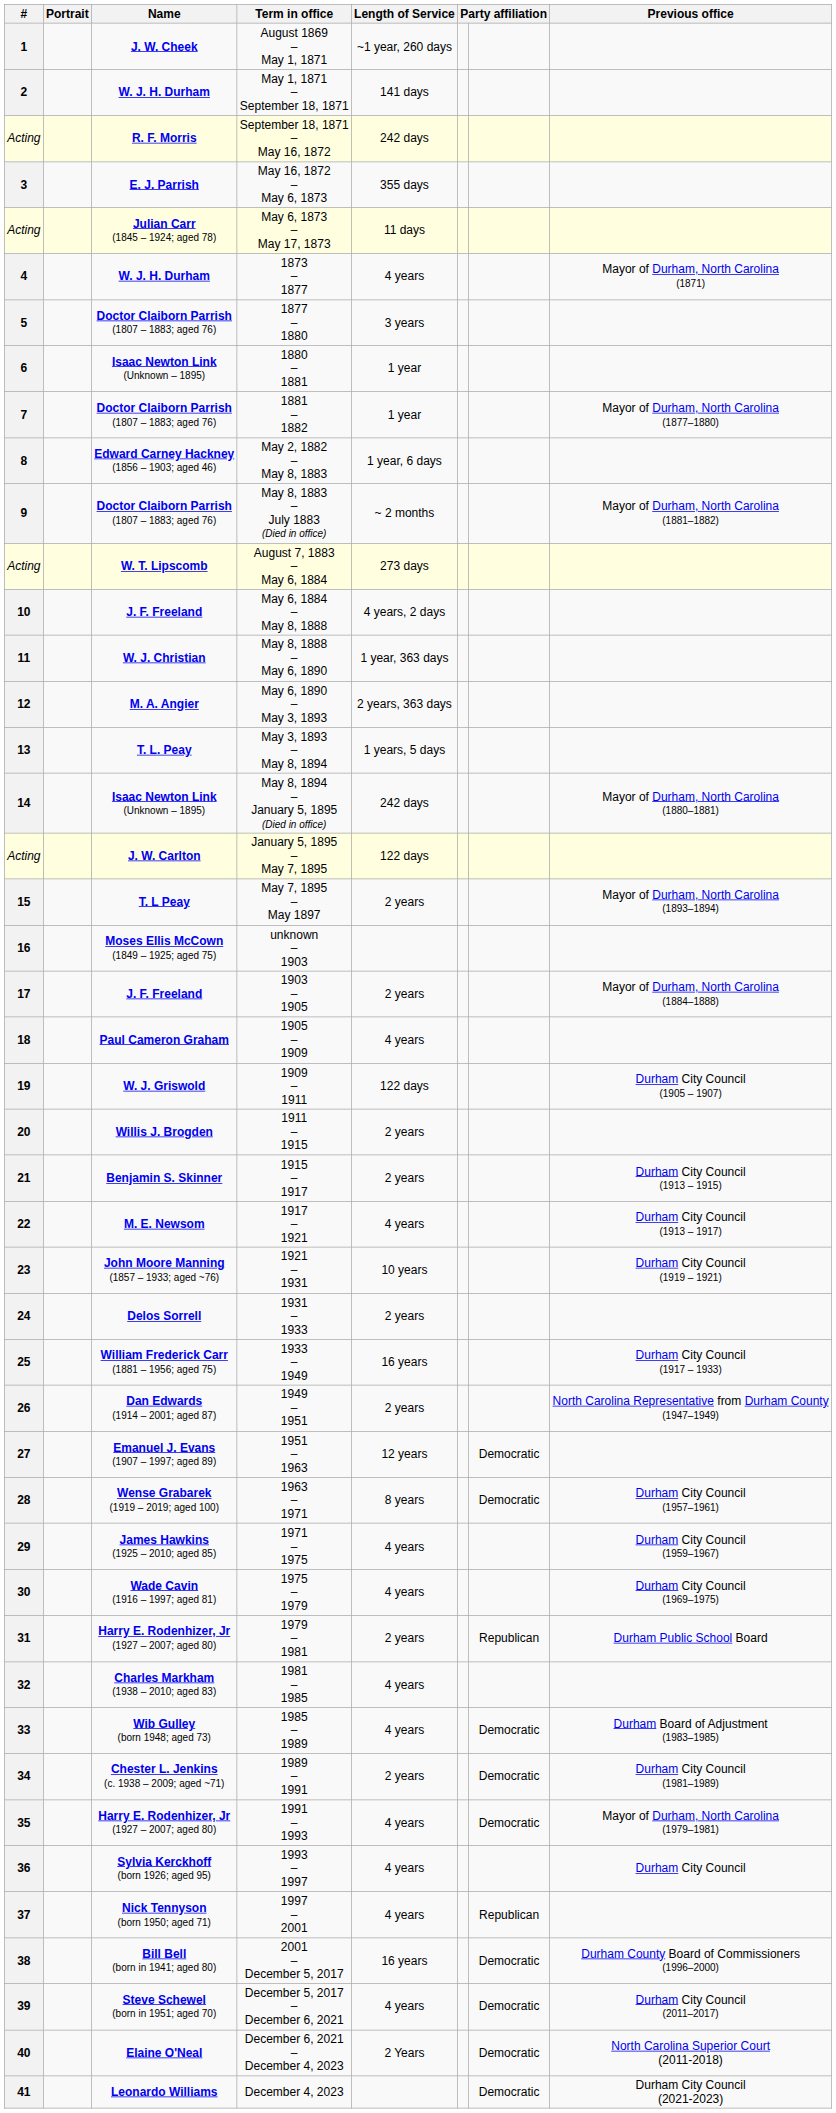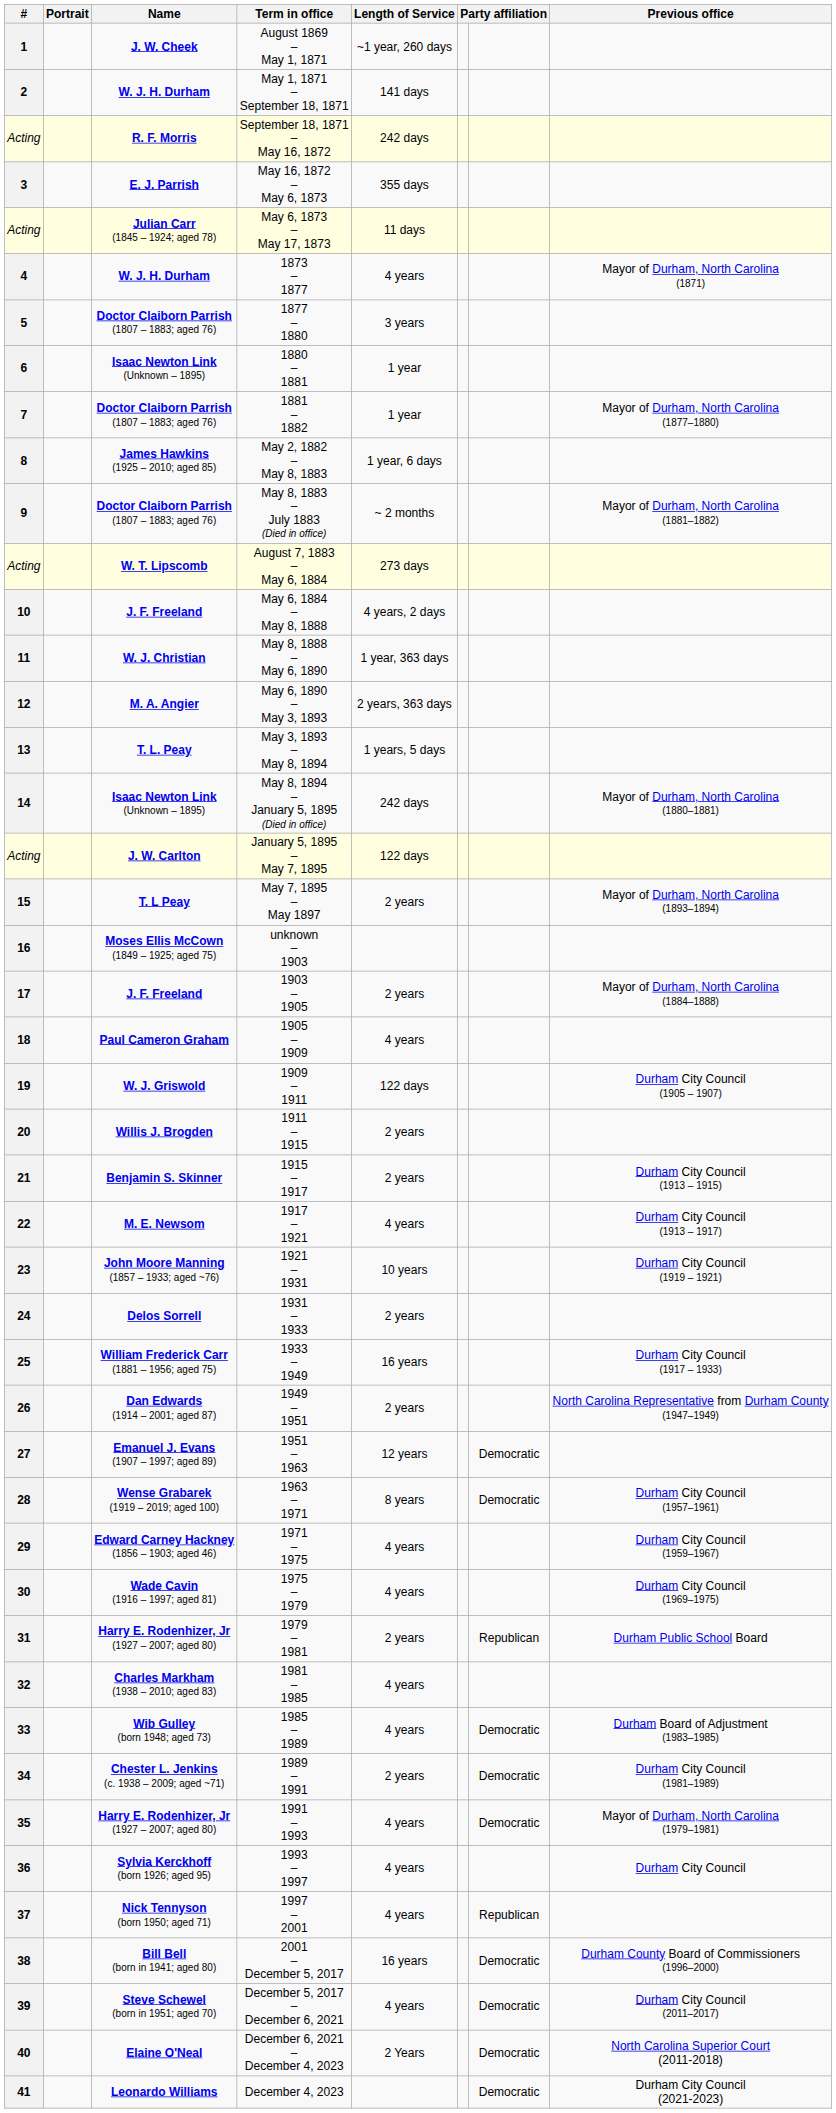 <table class="wikitable" style="text-align: center;">
 <tr>
 <th>#</th>
 <th>Portrait</th>
 <th>Name</th>
 <th>Term in office</th>
 <th>Length of Service</th>
 <th colspan="2">Party affiliation</th>
 <th>Previous office</th>
 </tr>
 <tr>
 <th>1</th>
 <td></td>
 <td><strong><a href='#'>J. W. Cheek</a></strong></td>
 <td><span>August 1869</span><br>–<br><span>May 1, 1871</span><br></td>
 <td>~1 year, 260 days</td>
 <td></td>
 <td></td>
 <td></td>
 </tr>
 <tr>
 <th>2</th>
 <td></td>
 <td><strong><a href='#'>W. J. H. Durham</a></strong></td>
 <td><span>May 1, 1871</span><br>–<br><span>September 18, 1871</span><br></td>
 <td>141 days</td>
 <td></td>
 <td></td>
 <td></td>
 </tr>
 <tr style="background:lightyellow">
 <td><em>Acting</em></td>
 <td></td>
 <td><strong><a href='#'>R. F. Morris</a></strong></td>
 <td><span>September 18, 1871</span><br>–<br><span>May 16, 1872</span><br></td>
 <td>242 days</td>
 <td></td>
 <td></td>
 <td></td>
 </tr>
 <tr>
 <th>3</th>
 <td></td>
 <td><strong><a href='#'>E. J. Parrish</a></strong></td>
 <td><span>May 16, 1872</span><br>–<br><span>May 6, 1873</span><br></td>
 <td>355 days</td>
 <td></td>
 <td></td>
 <td></td>
 </tr>
 <tr style="background:lightyellow">
 <td><em>Acting</em></td>
 <td></td>
 <td><strong><a href='#'>Julian Carr</a></strong> <br><small>(1845 – 1924; aged 78)</small></td>
 <td><span>May 6, 1873</span><br>–<br><span>May 17, 1873</span><br></td>
 <td>11 days</td>
 <td></td>
 <td></td>
 <td></td>
 </tr>
 <tr>
 <th>4</th>
 <td></td>
 <td><strong><a href='#'>W. J. H. Durham</a></strong></td>
 <td><span>1873</span><br>–<br><span>1877</span><br></td>
 <td>4 years</td>
 <td></td>
 <td></td>
 <td>Mayor of <a href='#'>Durham, North Carolina</a><br><small>(1871)</small></td>
 </tr>
 <tr>
 <th>5</th>
 <td></td>
 <td><strong><a href='#'>Doctor Claiborn Parrish</a></strong> <br><small>(1807 – 1883; aged 76)</small></td>
 <td><span>1877</span><br>–<br><span>1880</span><br></td>
 <td>3 years</td>
 <td></td>
 <td></td>
 <td></td>
 </tr>
 <tr>
 <th>6</th>
 <td></td>
 <td><strong><a href='#'>Isaac Newton Link</a></strong> <br><small>(Unknown – 1895)<br></small></td>
 <td><span>1880</span><br>–<br><span>1881</span><br></td>
 <td>1 year</td>
 <td></td>
 <td></td>
 <td></td>
 </tr>
 <tr>
 <th>7</th>
 <td></td>
 <td><strong><a href='#'>Doctor Claiborn Parrish</a></strong> <br><small>(1807 – 1883; aged 76)</small></td>
 <td><span>1881</span><br>–<br><span>1882</span><br></td>
 <td>1 year</td>
 <td></td>
 <td></td>
 <td>Mayor of <a href='#'>Durham, North Carolina</a><br><small>(1877–1880)</small></td>
 </tr>
 <tr>
 <th>8</th>
 <td></td>
-<td><strong><a href='#'>Edward Carney Hackney</a></strong> <br><small>(1856 – 1903; aged 46)</small></td>
+<td><strong><a href='#'>James Hawkins</a></strong><br><small>(1925 – 2010; aged 85)</small></td>
 <td><span>May 2, 1882</span><br>–<br><span>May 8, 1883</span><br></td>
 <td>1 year, 6 days</td>
 <td></td>
 <td></td>
 <td></td>
 </tr>
 <tr>
 <th>9</th>
 <td></td>
 <td><strong><a href='#'>Doctor Claiborn Parrish</a></strong> <br><small>(1807 – 1883; aged 76)<br></small></td>
 <td><span>May 8, 1883</span><br>–<br><span>July 1883</span><br><small><em>(Died in office)</em></small></td>
 <td>~ 2 months</td>
 <td></td>
 <td></td>
 <td>Mayor of <a href='#'>Durham, North Carolina</a><br><small>(1881–1882)</small></td>
 </tr>
 <tr style="background:lightyellow">
 <td><em>Acting</em></td>
 <td></td>
 <td><strong><a href='#'>W. T. Lipscomb</a></strong></td>
 <td><span>August 7, 1883</span><br>–<br><span>May 6, 1884</span><br></td>
 <td>273 days</td>
 <td></td>
 <td></td>
 <td></td>
 </tr>
 <tr>
 <th>10</th>
 <td></td>
 <td><strong><a href='#'>J. F. Freeland</a></strong></td>
 <td><span>May 6, 1884</span><br>–<br><span>May 8, 1888</span><br></td>
 <td>4 years, 2 days</td>
 <td></td>
 <td></td>
 <td></td>
 </tr>
 <tr>
 <th>11</th>
 <td></td>
 <td><strong><a href='#'>W. J. Christian</a></strong></td>
 <td><span>May 8, 1888</span><br>–<br><span>May 6, 1890</span><br></td>
 <td>1 year, 363 days</td>
 <td></td>
 <td></td>
 <td></td>
 </tr>
 <tr>
 <th>12</th>
 <td></td>
 <td><strong><a href='#'>M. A. Angier</a></strong></td>
 <td><span>May 6, 1890</span><br>–<br><span>May 3, 1893</span><br></td>
 <td>2 years, 363 days</td>
 <td></td>
 <td></td>
 <td></td>
 </tr>
 <tr>
 <th>13</th>
 <td></td>
 <td><strong><a href='#'>T. L. Peay</a></strong></td>
 <td><span>May 3, 1893</span><br>–<br><span>May 8, 1894</span><br></td>
 <td>1 years, 5 days</td>
 <td></td>
 <td></td>
 <td></td>
 </tr>
 <tr>
 <th>14</th>
 <td></td>
 <td><strong><a href='#'>Isaac Newton Link</a></strong> <br><small>(Unknown – 1895)<br></small></td>
 <td><span>May 8, 1894</span><br>–<br><span>January 5, 1895</span><br><small><em>(Died in office)</em></small></td>
 <td>242 days</td>
 <td></td>
 <td></td>
 <td>Mayor of <a href='#'>Durham, North Carolina</a><br><small>(1880–1881)</small></td>
 </tr>
 <tr style="background:lightyellow">
 <td><em>Acting</em></td>
 <td></td>
 <td><strong><a href='#'>J. W. Carlton</a></strong></td>
 <td><span>January 5, 1895</span><br>–<br><span>May 7, 1895</span><br></td>
 <td>122 days</td>
 <td></td>
 <td></td>
 <td></td>
 </tr>
 <tr>
 <th>15</th>
 <td></td>
 <td><strong><a href='#'>T. L Peay</a></strong></td>
 <td><span>May 7, 1895</span><br>–<br><span>May 1897</span><br></td>
 <td>2 years</td>
 <td></td>
 <td></td>
 <td>Mayor of <a href='#'>Durham, North Carolina</a><br><small>(1893–1894)</small></td>
 </tr>
 <tr>
 <th>16</th>
 <td></td>
 <td><strong><a href='#'>Moses Ellis McCown</a></strong><br><small>(1849 – 1925; aged 75)</small></td>
 <td><span>unknown</span><br>–<br><span>1903</span><br></td>
 <td></td>
 <td></td>
 <td></td>
 <td></td>
 </tr>
 <tr>
 <th>17</th>
 <td></td>
 <td><strong><a href='#'>J. F. Freeland</a></strong></td>
 <td><span>1903</span><br>–<br><span>1905</span><br></td>
 <td>2 years</td>
 <td></td>
 <td></td>
 <td>Mayor of <a href='#'>Durham, North Carolina</a><br><small>(1884–1888)</small></td>
 </tr>
 <tr>
 <th>18</th>
 <td></td>
 <td><strong><a href='#'>Paul Cameron Graham</a></strong></td>
 <td><span>1905</span><br>–<br><span>1909</span><br></td>
 <td>4 years</td>
 <td></td>
 <td></td>
 <td></td>
 </tr>
 <tr>
 <th>19</th>
 <td></td>
 <td><strong><a href='#'>W. J. Griswold</a></strong></td>
 <td><span>1909</span><br>–<br><span>1911</span><br></td>
 <td>122 days</td>
 <td></td>
 <td></td>
 <td><a href='#'>Durham</a> City Council <br><small>(1905 – 1907)</small></td>
 </tr>
 <tr>
 <th>20</th>
 <td></td>
 <td><strong><a href='#'>Willis J. Brogden</a></strong></td>
 <td><span>1911</span><br>–<br><span>1915</span><br></td>
 <td>2 years</td>
 <td></td>
 <td></td>
 <td></td>
 </tr>
 <tr>
 <th>21</th>
 <td></td>
 <td><strong><a href='#'>Benjamin S. Skinner</a></strong></td>
 <td><span>1915</span><br>–<br><span>1917</span><br></td>
 <td>2 years</td>
 <td></td>
 <td></td>
 <td><a href='#'>Durham</a> City Council <br><small>(1913 – 1915)</small></td>
 </tr>
 <tr>
 <th>22</th>
 <td></td>
 <td><strong><a href='#'>M. E. Newsom</a></strong></td>
 <td><span>1917</span><br>–<br><span>1921</span><br></td>
 <td>4 years</td>
 <td></td>
 <td></td>
 <td><a href='#'>Durham</a> City Council <br><small>(1913 – 1917)</small></td>
 </tr>
 <tr>
 <th>23</th>
 <td></td>
 <td><strong><a href='#'>John Moore Manning</a></strong> <br><small>(1857 – 1933; aged ~76)</small></td>
 <td><span>1921</span><br>–<br><span>1931</span><br></td>
 <td>10 years</td>
 <td></td>
 <td></td>
 <td><a href='#'>Durham</a> City Council <br><small>(1919 – 1921)</small></td>
 </tr>
 <tr>
 <th>24</th>
 <td></td>
 <td><strong><a href='#'>Delos Sorrell</a></strong></td>
 <td><span>1931</span><br>–<br><span>1933</span><br></td>
 <td>2 years</td>
 <td></td>
 <td></td>
 <td></td>
 </tr>
 <tr>
 <th>25</th>
 <td></td>
 <td><strong><a href='#'>William Frederick Carr</a></strong><br><small>(1881 – 1956; aged 75)</small></td>
 <td><span>1933</span><br>–<br><span>1949</span><br></td>
 <td>16 years</td>
 <td></td>
 <td></td>
 <td><a href='#'>Durham</a> City Council <br><small>(1917 – 1933)</small></td>
 </tr>
 <tr>
 <th>26</th>
 <td></td>
 <td><strong><a href='#'>Dan Edwards</a></strong><br><small>(1914 – 2001; aged 87)</small></td>
 <td><span>1949</span><br>–<br><span>1951</span><br></td>
 <td>2 years</td>
 <td></td>
 <td></td>
 <td><a href='#'>North Carolina Representative</a> from <a href='#'>Durham County</a> <br><small>(1947–1949)</small></td>
 </tr>
 <tr>
 <th>27</th>
 <td></td>
 <td><strong><a href='#'>Emanuel J. Evans</a></strong><br><small>(1907 – 1997; aged 89)</small></td>
 <td><span>1951</span><br>–<br><span>1963</span><br></td>
 <td>12 years</td>
 <td style="background:"> </td>
 <td>Democratic</td>
 <td></td>
 </tr>
 <tr>
 <th>28</th>
 <td></td>
 <td><strong><a href='#'>Wense Grabarek</a></strong><br><small>(1919 – 2019; aged 100)</small></td>
 <td><span>1963</span><br>–<br><span>1971</span><br></td>
 <td>8 years</td>
 <td style="background:"> </td>
 <td>Democratic</td>
 <td><a href='#'>Durham</a> City Council <br><small>(1957–1961)</small></td>
 </tr>
 <tr>
 <th>29</th>
 <td></td>
-<td><strong><a href='#'>James Hawkins</a></strong><br><small>(1925 – 2010; aged 85)</small></td>
+<td><strong><a href='#'>Edward Carney Hackney</a></strong> <br><small>(1856 – 1903; aged 46)</small></td>
 <td><span>1971</span><br>–<br><span>1975</span><br></td>
 <td>4 years</td>
 <td></td>
 <td></td>
 <td><a href='#'>Durham</a> City Council<br><small>(1959–1967)</small></td>
 </tr>
 <tr>
 <th>30</th>
 <td></td>
 <td><strong><a href='#'>Wade Cavin</a></strong><br><small>(1916 – 1997; aged 81)</small></td>
 <td><span>1975</span><br>–<br><span>1979</span><br></td>
 <td>4 years</td>
 <td></td>
 <td></td>
 <td><a href='#'>Durham</a> City Council<br><small>(1969–1975)</small></td>
 </tr>
 <tr>
 <th>31</th>
 <td></td>
 <td><strong><a href='#'>Harry E. Rodenhizer, Jr</a></strong><br><small>(1927 – 2007; aged 80)</small></td>
 <td><span>1979</span><br>–<br><span>1981</span><br></td>
 <td>2 years</td>
 <td style="background:"> </td>
 <td>Republican</td>
 <td><a href='#'>Durham Public School</a> Board</td>
 </tr>
 <tr>
 <th>32</th>
 <td></td>
 <td><strong><a href='#'>Charles Markham</a></strong><br><small>(1938 – 2010; aged 83)</small></td>
 <td><span>1981</span><br>–<br><span>1985</span></td>
 <td>4 years</td>
 <td></td>
 <td></td>
 <td></td>
 </tr>
 <tr>
 <th>33</th>
 <td></td>
 <td><strong><a href='#'>Wib Gulley</a></strong><br><small>(born 1948; aged 73)</small></td>
 <td><span>1985</span><br>–<br><span>1989</span><br></td>
 <td>4 years</td>
 <td style="background:"> </td>
 <td>Democratic</td>
 <td><a href='#'>Durham</a> Board of Adjustment<br><small>(1983–1985)</small></td>
 </tr>
 <tr>
 <th>34</th>
 <td></td>
 <td><strong><a href='#'>Chester L. Jenkins</a></strong><br><small>(c. 1938 – 2009; aged ~71)</small></td>
 <td><span>1989</span><br>–<br><span>1991</span><br></td>
 <td>2 years</td>
 <td style="background:"> </td>
 <td>Democratic</td>
 <td><a href='#'>Durham</a> City Council<br><small>(1981–1989)</small></td>
 </tr>
 <tr>
 <th>35</th>
 <td></td>
 <td><strong><a href='#'>Harry E. Rodenhizer, Jr</a></strong><br><small>(1927 – 2007; aged 80)</small></td>
 <td><span>1991</span><br>–<br><span>1993</span><br></td>
 <td>4 years</td>
 <td style="background:"> </td>
 <td>Democratic</td>
 <td>Mayor of <a href='#'>Durham, North Carolina</a><br><small>(1979–1981)</small></td>
 </tr>
 <tr>
 <th>36</th>
 <td></td>
 <td><strong><a href='#'>Sylvia Kerckhoff</a></strong><br><small>(born 1926; aged 95)</small></td>
 <td><span>1993</span><br>–<br><span>1997</span><br></td>
 <td>4 years</td>
 <td></td>
 <td></td>
 <td><a href='#'>Durham</a> City Council</td>
 </tr>
 <tr>
 <th>37</th>
 <td></td>
 <td><strong><a href='#'>Nick Tennyson</a></strong><br><small>(born 1950; aged 71)</small></td>
 <td><span>1997</span><br>–<br><span>2001</span><br></td>
 <td>4 years</td>
 <td style="background:"> </td>
 <td>Republican</td>
 <td></td>
 </tr>
 <tr>
 <th>38</th>
 <td></td>
 <td><strong><a href='#'>Bill Bell</a></strong><br><small>(born in 1941; aged 80)</small></td>
 <td><span>2001</span><br>–<br><span>December 5, 2017</span><br></td>
 <td>16 years</td>
 <td style="background:"> </td>
 <td>Democratic</td>
 <td><a href='#'>Durham County</a> Board of Commissioners<br><small>(1996–2000)</small></td>
 </tr>
 <tr>
 <th>39</th>
 <td></td>
 <td><strong><a href='#'>Steve Schewel</a></strong><br><small>(born in 1951; aged 70)</small></td>
 <td><span>December 5, 2017</span><br>–<br><span>December 6, 2021</span><br></td>
 <td>4 years</td>
 <td style="background:"> </td>
 <td>Democratic</td>
 <td><a href='#'>Durham</a> City Council<br><small>(2011–2017)</small></td>
 </tr>
 <tr>
 <th>40</th>
 <td></td>
 <td><a href='#'><strong>Elaine O'Neal</strong></a></td>
 <td>December 6, 2021<br>–<br>December 4, 2023</td>
 <td>2 Years</td>
 <td style="background:"> </td>
 <td>Democratic</td>
 <td><a href='#'>North Carolina Superior Court</a><br>(2011-2018)</td>
 </tr>
 <tr>
 <th>41</th>
 <td></td>
 <td><strong><a href='#'>Leonardo Williams</a></strong></td>
 <td>December 4, 2023</td>
 <td></td>
 <td></td>
 <td>Democratic</td>
 <td>Durham City Council<br>(2021-2023)</td>
 </tr>
 </table>
